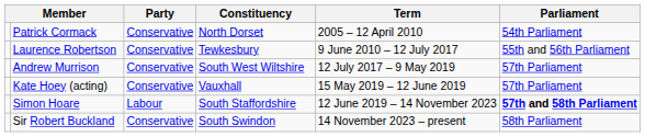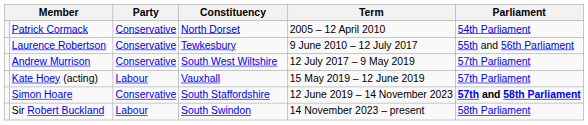 <table class="wikitable">
 <tr>
 <th colspan="2" width="160px" valign="top">Member</th>
 <th valign="top">Party</th>
 <th width="160px" valign="top">Constituency</th>
 <th>Term</th>
 <th>Parliament</th>
 </tr>
 <tr>
 <td style="color:inherit;background:"></td>
 <td><a href='#'>Patrick Cormack</a></td>
 <td><a href='#'>Conservative</a></td>
 <td><a href='#'>North Dorset</a></td>
 <td>2005 – 12 April 2010</td>
 <td><a href='#'>54th Parliament</a></td>
 </tr>
 <tr>
 <td style="color:inherit;background:"></td>
 <td><a href='#'>Laurence Robertson</a></td>
 <td><a href='#'>Conservative</a></td>
 <td><a href='#'>Tewkesbury</a></td>
 <td>9 June 2010 – 12 July 2017</td>
 <td><a href='#'>55th</a> and <a href='#'>56th Parliament</a></td>
 </tr>
 <tr>
 <td style="color:inherit;background:"></td>
 <td><a href='#'>Andrew Murrison</a></td>
 <td><a href='#'>Conservative</a></td>
 <td><a href='#'>South West Wiltshire</a></td>
 <td>12 July 2017 – 9 May 2019</td>
 <td><a href='#'>57th Parliament</a></td>
 </tr>
 <tr>
 <td style="color:inherit;background:"></td>
 <td><a href='#'>Kate Hoey</a> (acting)</td>
-<td><a href='#'>Conservative</a></td>
+<td><a href='#'>Labour</a></td>
 <td><a href='#'>Vauxhall</a></td>
 <td>15 May 2019 – 12 June 2019</td>
 <td><a href='#'>57th Parliament</a></td>
 </tr>
 <tr>
 <td style="color:inherit;background:"></td>
 <td><a href='#'>Simon Hoare</a></td>
-<td><a href='#'>Labour</a></td>
+<td><a href='#'>Conservative</a></td>
 <td><a href='#'>South Staffordshire</a></td>
 <td>12 June 2019 – 14 November 2023</td>
 <td><strong><a href='#'>57th</a> and <a href='#'>58th Parliament</a></strong></td>
 </tr>
 <tr>
 <td style="color:inherit;background:"></td>
 <td>Sir <a href='#'>Robert Buckland</a></td>
-<td><a href='#'>Conservative</a></td>
+<td><a href='#'>Labour</a></td>
 <td><a href='#'>South Swindon</a></td>
 <td>14 November 2023 – present</td>
 <td><a href='#'>58th Parliament</a></td>
 </tr>
 </table>
